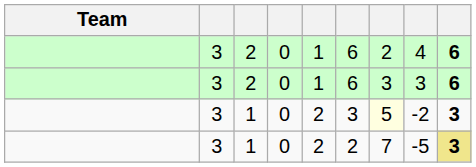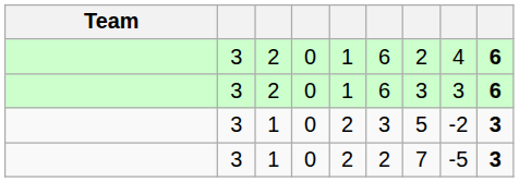 <table class="wikitable" style="text-align:center;">
 <tr>
 <th width=150>Team</th>
 <th width=20 abbr="Played"></th>
 <th width=20 abbr="Won"></th>
 <th width=20 abbr="Drawn"></th>
 <th width=20 abbr="Lost"></th>
 <th width=20 abbr="Goals for"></th>
 <th width=20 abbr="Goals against"></th>
 <th width=20 abbr="Goal difference"></th>
 <th width=20 abbr="Points"></th>
 </tr>
 <tr bgcolor="#ccffcc">
 <td align="left"></td>
 <td>3</td>
 <td>2</td>
 <td>0</td>
 <td>1</td>
 <td>6</td>
 <td>2</td>
 <td>4</td>
 <td><strong>6</strong></td>
 </tr>
 <tr bgcolor="#ccffcc">
 <td align="left"></td>
 <td>3</td>
 <td>2</td>
 <td>0</td>
 <td>1</td>
 <td>6</td>
 <td>3</td>
 <td>3</td>
 <td><strong>6</strong></td>
 </tr>
 <tr>
 <td align="left"></td>
 <td>3</td>
 <td>1</td>
 <td>0</td>
 <td>2</td>
 <td>3</td>
-<td style="background: lightyellow;">5</td>
+<td>5</td>
 <td>-2</td>
 <td><strong>3</strong></td>
 </tr>
 <tr>
 <td align="left"></td>
 <td>3</td>
 <td>1</td>
 <td>0</td>
 <td>2</td>
 <td>2</td>
 <td>7</td>
 <td>-5</td>
-<td style="background: khaki;"><strong>3</strong></td>
+<td><strong>3</strong></td>
 </tr>
 </table>
